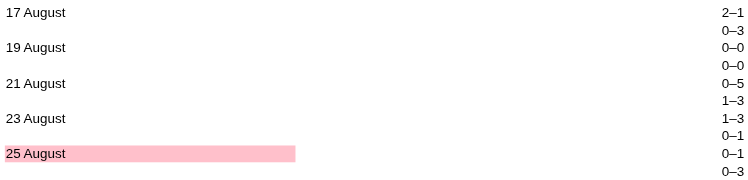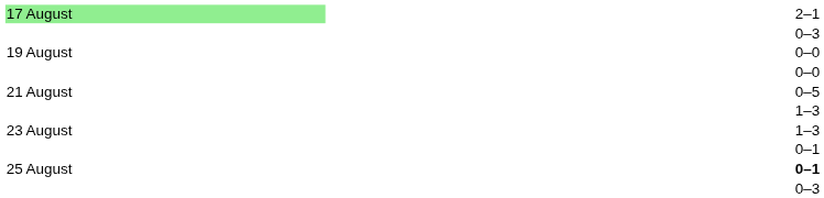 <table cellspacing=1 width=70%>
 <tr>
 <th width=25%></th>
 <th width=30%></th>
 <th width=15%></th>
 <th width=30%></th>
 </tr>
 <tr>
-<td>17 August</td>
+<td style="background: lightgreen;">17 August</td>
 <td align=right></td>
 <td align=center>2–1</td>
 <td></td>
 </tr>
 <tr>
 <td></td>
 <td align=right></td>
 <td align=center>0–3</td>
 <td></td>
 </tr>
 <tr>
 <td>19 August</td>
 <td align=right></td>
 <td align=center>0–0</td>
 <td></td>
 </tr>
 <tr>
 <td></td>
 <td align=right></td>
 <td align=center>0–0</td>
 <td></td>
 </tr>
 <tr>
 <td>21 August</td>
 <td align=right></td>
 <td align=center>0–5</td>
 <td></td>
 </tr>
 <tr>
 <td></td>
 <td align=right></td>
 <td align=center>1–3</td>
 <td></td>
 </tr>
 <tr>
 <td>23 August</td>
 <td align=right></td>
 <td align=center>1–3</td>
 <td></td>
 </tr>
 <tr>
 <td></td>
 <td align=right></td>
 <td align=center>0–1</td>
 <td></td>
 </tr>
 <tr>
-<td style="background: pink;">25 August</td>
+<td>25 August</td>
 <td align=right></td>
-<td align=center>0–1</td>
+<td align=center><strong>0–1</strong></td>
 <td></td>
 </tr>
 <tr>
 <td></td>
 <td align=right></td>
 <td align=center>0–3</td>
 <td></td>
 </tr>
 </table>
